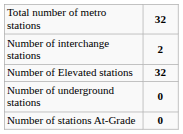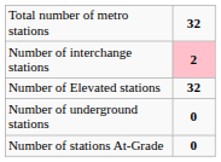 <table class="wikitable" width="20%">
 <tr>
 <td>Total number of metro stations</td>
 <td width="5%" align="center"><strong>32</strong></td>
 </tr>
 <tr>
 <td width="20%">Number of interchange stations</td>
-<td width="5%" align="center"><strong>2</strong></td>
+<td width="5%" align="center" style="background: pink;"><strong>2</strong></td>
 </tr>
 <tr>
 <td width="20%">Number of Elevated stations</td>
 <td width="5%" align="center"><strong>32</strong></td>
 </tr>
 <tr>
 <td width="20%">Number of underground stations</td>
 <td width="5%" align="center"><strong>0</strong></td>
 </tr>
 <tr>
 <td width="20%">Number of stations At-Grade</td>
 <td width="5%" align="center"><strong>0</strong></td>
 </tr>
 </table>
